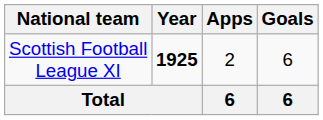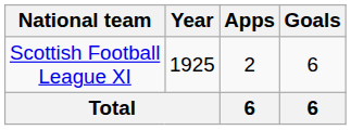 <table class="wikitable" style="font-size:100%; text-align: center">
 <tr>
 <th>National team</th>
 <th>Year</th>
 <th>Apps</th>
 <th>Goals</th>
 </tr>
 <tr>
 <td><a href='#'>Scottish Football<br>League XI</a></td>
-<td><strong>1925</strong></td>
+<td>1925</td>
 <td>2</td>
 <td>6</td>
 </tr>
 <tr>
 <th colspan=2>Total</th>
 <th>6</th>
 <th>6</th>
 </tr>
 </table>
